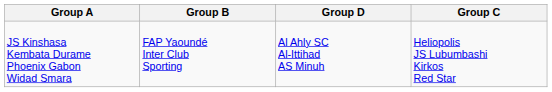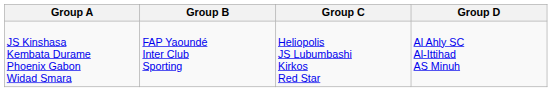 <table class="wikitable">
 <tr>
 <th width=195px>Group A</th>
 <th width=195px>Group B</th>
+<th width=195px>Group C</th>
 <th width=195px>Group D</th>
-<th width=195px>Group C</th>
 </tr>
 <tr>
 <td valign=top><br> <a href='#'>JS Kinshasa</a><br>  <a href='#'>Kembata Durame</a><br>  <a href='#'>Phoenix Gabon</a><br>  <a href='#'>Widad Smara</a></td>
 <td valign=top><br> <a href='#'>FAP Yaoundé</a><br>  <a href='#'>Inter Club</a><br>  <a href='#'>Sporting</a></td>
+<td valign=top><br> <a href='#'>Heliopolis</a><br>  <a href='#'>JS Lubumbashi</a><br>  <a href='#'>Kirkos</a><br>  <a href='#'>Red Star</a></td>
 <td valign=top><br> <a href='#'>Al Ahly SC</a><br>  <a href='#'>Al-Ittihad</a><br>  <a href='#'>AS Minuh</a></td>
-<td valign=top><br> <a href='#'>Heliopolis</a><br>  <a href='#'>JS Lubumbashi</a><br>  <a href='#'>Kirkos</a><br>  <a href='#'>Red Star</a></td>
 </tr>
 </table>
